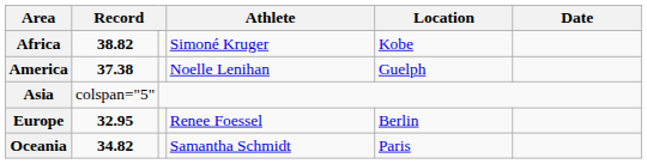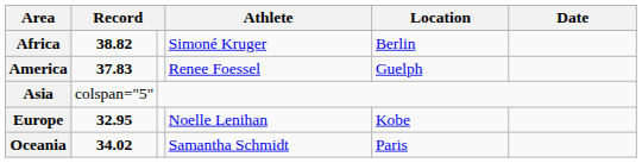 <table class="wikitable">
 <tr>
 <th width="45">Area</th>
 <th width="80" colspan="2">Record</th>
 <th width="200">Athlete</th>
 <th width="130">Location</th>
 <th width="120">Date</th>
 </tr>
 <tr>
 <th>Africa</th>
 <td align="center"><strong>38.82</strong></td>
 <td align="center"><strong></strong></td>
 <td> <a href='#'>Simoné Kruger</a></td>
-<td> <a href='#'>Kobe</a></td>
+<td> <a href='#'>Berlin</a></td>
 <td align="right"></td>
 </tr>
 <tr>
 <th>America</th>
-<td align="center"><strong>37.38</strong></td>
+<td align="center"><strong>37.83</strong></td>
 <td align="center"></td>
-<td> <a href='#'>Noelle Lenihan</a></td>
+<td> <a href='#'>Renee Foessel</a></td>
 <td> <a href='#'>Guelph</a></td>
 <td align="right"></td>
 </tr>
 <tr>
 <th>Asia</th>
 <td>colspan="5" </td>
 </tr>
 <tr>
 <th>Europe</th>
 <td align="center"><strong>32.95</strong></td>
 <td align="center"></td>
-<td> <a href='#'>Renee Foessel</a></td>
-<td> <a href='#'>Berlin</a></td>
+<td> <a href='#'>Noelle Lenihan</a></td>
+<td> <a href='#'>Kobe</a></td>
 <td align="right"></td>
 </tr>
 <tr>
 <th>Oceania</th>
-<td align="center"><strong>34.82</strong></td>
+<td align="center"><strong>34.02</strong></td>
 <td align="center"></td>
 <td> <a href='#'>Samantha Schmidt</a></td>
 <td> <a href='#'>Paris</a></td>
 <td align="right"></td>
 </tr>
 </table>
